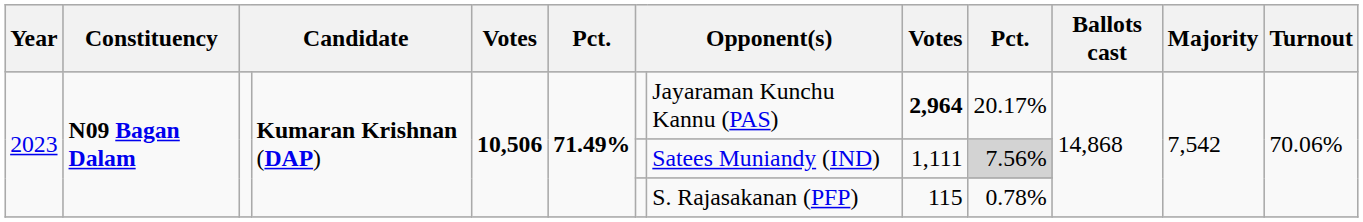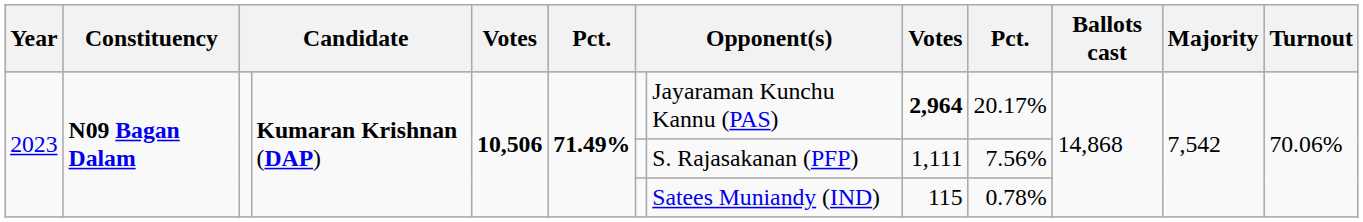 <table class="wikitable" style="margin:0.5em ; font-size:95%">
 <tr>
 <th>Year</th>
 <th>Constituency</th>
 <th colspan=2>Candidate</th>
 <th>Votes</th>
 <th>Pct.</th>
 <th colspan=2>Opponent(s)</th>
 <th>Votes</th>
 <th>Pct.</th>
 <th>Ballots cast</th>
 <th>Majority</th>
 <th>Turnout</th>
 </tr>
 <tr>
 <td rowspan=3><a href='#'>2023</a></td>
 <td rowspan=3><strong>N09 <a href='#'>Bagan Dalam</a></strong></td>
 <td rowspan=3 ></td>
 <td rowspan=3><strong>Kumaran Krishnan</strong> (<a href='#'><strong>DAP</strong></a>)</td>
 <td rowspan=3 align=right><strong>10,506</strong></td>
 <td rowspan=3><strong>71.49%</strong></td>
 <td bgcolor=></td>
 <td>Jayaraman Kunchu Kannu	(<a href='#'>PAS</a>)</td>
 <td align=right><strong>2,964</strong></td>
 <td>20.17%</td>
 <td rowspan=3>14,868</td>
 <td rowspan=3>7,542</td>
 <td rowspan=3>70.06%</td>
 </tr>
 <tr>
 <td></td>
-<td><a href='#'>Satees Muniandy</a> (<a href='#'>IND</a>)</td>
+<td>S. Rajasakanan (<a href='#'>PFP</a>)</td>
 <td align=right>1,111</td>
-<td align=right style="background: lightgrey;">7.56%</td>
+<td align=right>7.56%</td>
 </tr>
 <tr>
 <td bgcolor=></td>
-<td>S. Rajasakanan (<a href='#'>PFP</a>)</td>
+<td><a href='#'>Satees Muniandy</a> (<a href='#'>IND</a>)</td>
 <td align=right>115</td>
 <td align=right>0.78%</td>
 </tr>
 </table>
